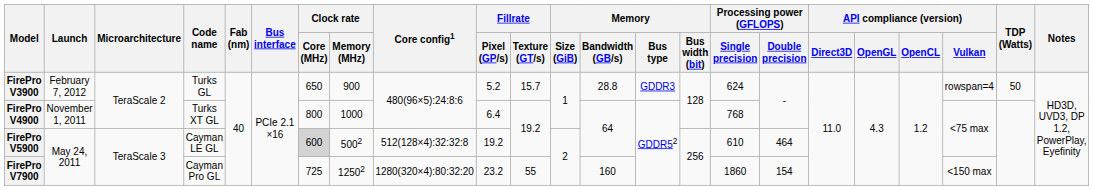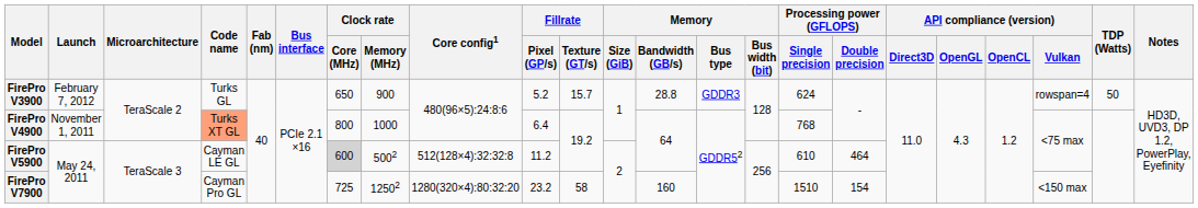 <table class="mw-datatable wikitable sortable sort-under" style="font-size: 80%; text-align:center;">
 <tr>
 <th rowspan="2" style="width:10em">Model</th>
 <th rowspan="2">Launch</th>
 <th rowspan="2">Microarchitecture</th>
 <th rowspan="2">Code name</th>
 <th rowspan="2">Fab (nm)</th>
 <th rowspan="2"><a href='#'>Bus interface</a></th>
 <th colspan="2">Clock rate</th>
 <th rowspan="2">Core config<sup>1</sup></th>
 <th colspan="2"><a href='#'>Fillrate</a></th>
 <th colspan="4">Memory</th>
 <th colspan="2">Processing power<br>(<a href='#'>GFLOPS</a>)</th>
 <th colspan="4"><a href='#'>API</a> compliance (version)</th>
 <th rowspan="2">TDP (Watts)</th>
 <th rowspan="2">Notes</th>
 </tr>
 <tr>
 <th>Core (MHz)</th>
 <th>Memory (MHz)</th>
 <th>Pixel (<a href='#'>GP</a>/s)</th>
 <th>Texture (<a href='#'>GT</a>/s)</th>
 <th>Size (<a href='#'>GiB</a>)</th>
 <th>Bandwidth (<a href='#'>GB</a>/s)</th>
 <th>Bus type</th>
 <th>Bus width (<a href='#'>bit</a>)</th>
 <th><a href='#'>Single precision</a></th>
 <th><a href='#'>Double precision</a></th>
 <th><a href='#'>Direct3D</a></th>
 <th><a href='#'>OpenGL</a></th>
 <th><a href='#'>OpenCL</a></th>
 <th><a href='#'>Vulkan</a></th>
 </tr>
 <tr>
 <th>FirePro V3900</th>
 <td>February 7, 2012</td>
 <td rowspan="2">TeraScale 2</td>
 <td>Turks GL</td>
 <td rowspan="4">40</td>
 <td rowspan="4">PCIe 2.1 ×16</td>
 <td>650</td>
 <td>900</td>
 <td rowspan="2">480(96×5):24:8:6</td>
 <td>5.2</td>
 <td>15.7</td>
 <td rowspan="2">1</td>
 <td>28.8</td>
 <td><a href='#'>GDDR3</a></td>
 <td rowspan="2">128</td>
 <td>624</td>
 <td rowspan="2">-</td>
 <td rowspan="4">11.0</td>
 <td rowspan="4">4.3</td>
 <td rowspan="4">1.2</td>
 <td>rowspan=4 </td>
 <td>50</td>
 <td rowspan="4">HD3D, UVD3, DP 1.2, PowerPlay, Eyefinity</td>
 </tr>
 <tr>
 <th>FirePro V4900</th>
 <td>November 1, 2011</td>
-<td>Turks XT GL</td>
+<td style="background: lightsalmon;">Turks XT GL</td>
 <td>800</td>
 <td>1000</td>
 <td>6.4</td>
 <td rowspan="2">19.2</td>
 <td rowspan="2">64</td>
 <td rowspan="3"><a href='#'>GDDR5</a><sup>2</sup></td>
 <td>768</td>
 <td rowspan="2"><75 max</td>
 </tr>
 <tr>
 <th>FirePro V5900</th>
 <td rowspan="2">May 24, 2011</td>
 <td rowspan="2">TeraScale 3</td>
 <td>Cayman LE GL</td>
 <td style="background: lightgrey;">600</td>
 <td>500<sup>2</sup></td>
 <td>512(128×4):32:32:8</td>
-<td>19.2</td>
+<td>11.2</td>
 <td rowspan="2">2</td>
 <td rowspan="2">256</td>
 <td>610</td>
 <td>464</td>
 </tr>
 <tr>
 <th>FirePro V7900</th>
 <td>Cayman Pro GL</td>
 <td>725</td>
 <td>1250<sup>2</sup></td>
 <td>1280(320×4):80:32:20</td>
 <td>23.2</td>
-<td>55</td>
+<td>58</td>
 <td>160</td>
-<td>1860</td>
+<td>1510</td>
 <td>154</td>
 <td><150 max</td>
 </tr>
 </table>
